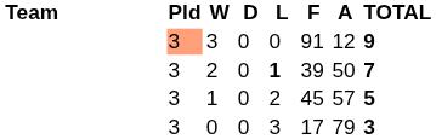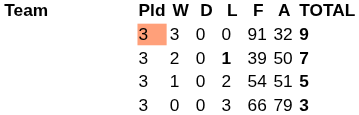 <table>
 <tr>
 <td><br></td>
 </tr>
 <tr border=1 cellpadding=5 cellspacing=0>
 <th width="200">Team</th>
 <th width="20">Pld</th>
 <th width="20">W</th>
 <th width="20">D</th>
 <th width="20">L</th>
 <th width="20">F</th>
 <th width="20">A</th>
 <th width="20">TOTAL</th>
 </tr>
 <tr>
 <td align=left></td>
 <td style="background: lightsalmon;">3</td>
 <td>3</td>
 <td>0</td>
 <td>0</td>
 <td>91</td>
-<td>12</td>
+<td>32</td>
 <td><strong>9</strong></td>
 </tr>
 <tr>
 <td align=left></td>
 <td>3</td>
 <td>2</td>
 <td>0</td>
 <td><strong>1</strong></td>
 <td>39</td>
 <td>50</td>
 <td><strong>7</strong></td>
 </tr>
 <tr>
 <td align=left></td>
 <td>3</td>
 <td>1</td>
 <td>0</td>
 <td>2</td>
-<td>45</td>
-<td>57</td>
+<td>54</td>
+<td>51</td>
 <td><strong>5</strong></td>
 </tr>
 <tr>
 <td align=left></td>
 <td>3</td>
 <td>0</td>
 <td>0</td>
 <td>3</td>
-<td>17</td>
+<td>66</td>
 <td>79</td>
 <td><strong>3</strong></td>
 </tr>
 </table>
